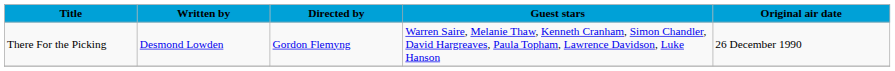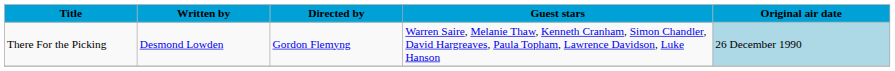 <table class="wikitable">
 <tr>
 <th style="width:15%; background:#00A1D7;">Title</th>
 <th style="width:15%; background:#00A1D7;">Written by</th>
 <th style="width:15%; background:#00A1D7;">Directed by</th>
 <th style="width:35%; background:#00A1D7;">Guest stars</th>
 <th style="width:35%; background:#00A1D7;">Original air date</th>
 </tr>
 <tr id="There For the Picking">
 <td>There For the Picking</td>
 <td><a href='#'>Desmond Lowden</a></td>
 <td><a href='#'>Gordon Flemyng</a></td>
 <td><a href='#'>Warren Saire</a>, <a href='#'>Melanie Thaw</a>, <a href='#'>Kenneth Cranham</a>, <a href='#'>Simon Chandler</a>, <a href='#'>David Hargreaves</a>, <a href='#'>Paula Topham</a>, <a href='#'>Lawrence Davidson</a>, <a href='#'>Luke Hanson</a></td>
-<td>26 December 1990</td>
+<td style="background: lightblue;">26 December 1990</td>
 </tr>
 <tr>
 </tr>
 </table>
